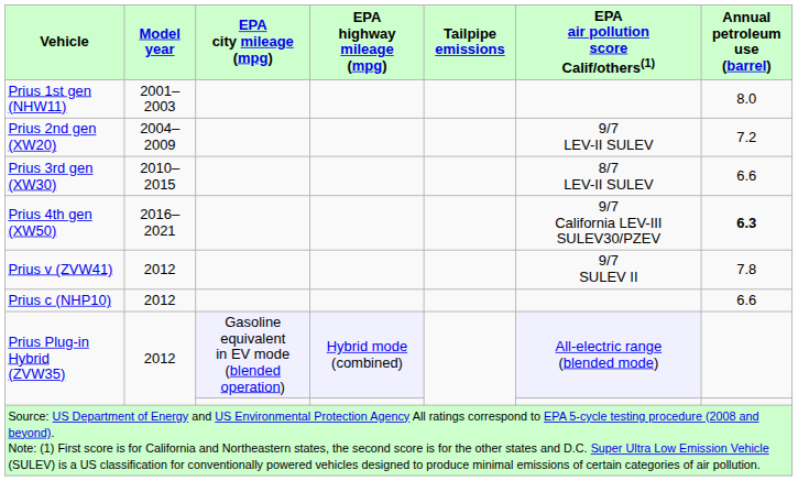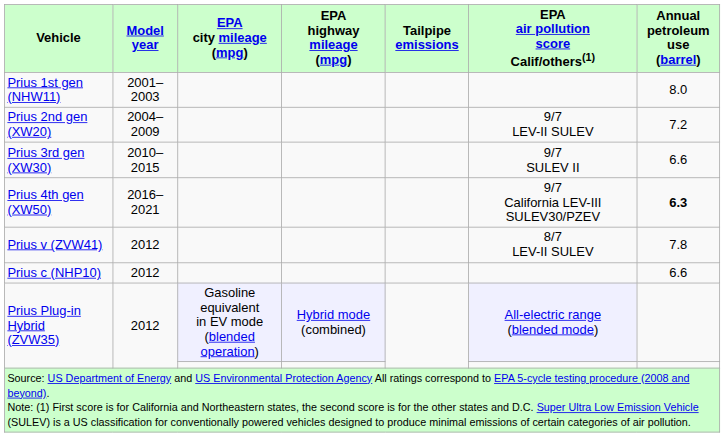 <table class="sortable wikitable" style="margin: 1em auto 1em auto">
 <tr style="text-align:center;">
 <th style="background:#cfc;">Vehicle</th>
 <th style="background:#cfc;"><a href='#'>Model<br>year</a></th>
 <th style="background:#cfc;"><a href='#'>EPA</a><br> city <a href='#'>mileage</a><br>(<a href='#'>mpg</a>)</th>
 <th style="background:#cfc;">EPA<br> highway <a href='#'>mileage</a><br>(<a href='#'>mpg</a>)</th>
 <th style="background:#cfc;">Tailpipe<br> <a href='#'>emissions</a></th>
 <th style="background:#cfc;">EPA<br><a href='#'>air pollution<br>score</a><br>Calif/others<sup>(1)</sup></th>
 <th style="background:#cfc;">Annual<br>petroleum<br> use<br>(<a href='#'>barrel</a>)</th>
 </tr>
 <tr style="text-align:center;">
 <td align=left><a href='#'>Prius 1st gen (NHW11)</a></td>
 <td>2001–2003</td>
 <td></td>
 <td></td>
 <td></td>
 <td></td>
 <td>8.0</td>
 </tr>
 <tr style="text-align:center;">
 <td align=left><a href='#'>Prius 2nd gen (XW20)</a></td>
 <td>2004–2009</td>
 <td></td>
 <td></td>
 <td></td>
 <td>9/7 <br>LEV-II SULEV</td>
 <td>7.2</td>
 </tr>
 <tr style="text-align:center;">
 <td align=left><a href='#'>Prius 3rd gen (XW30)</a></td>
 <td>2010–2015</td>
 <td></td>
 <td></td>
 <td></td>
-<td>8/7<br> LEV-II SULEV</td>
+<td>9/7<br>SULEV II</td>
 <td>6.6</td>
 </tr>
 <tr style="text-align:center;">
 <td align=left><a href='#'>Prius 4th gen (XW50)</a></td>
 <td>2016–2021</td>
 <td></td>
 <td></td>
 <td></td>
 <td>9/7<br>California LEV-III SULEV30/PZEV</td>
 <td><strong>6.3</strong></td>
 </tr>
 <tr style="text-align:center;">
 <td align=left><a href='#'>Prius v (ZVW41)</a></td>
 <td>2012</td>
 <td></td>
 <td></td>
 <td></td>
-<td>9/7<br>SULEV II</td>
+<td>8/7<br> LEV-II SULEV</td>
 <td>7.8</td>
 </tr>
 <tr style="text-align:center;">
 <td align=left><a href='#'>Prius c (NHP10)</a></td>
 <td>2012</td>
 <td></td>
 <td></td>
 <td></td>
 <td></td>
 <td>6.6</td>
 </tr>
 <tr style="text-align:center;">
 <td rowspan="2" style="text-align:left;"><a href='#'>Prius Plug-in Hybrid<br>(ZVW35)</a></td>
 <td rowspan="2">2012</td>
 <td style="background:#f0f0ff;">Gasoline equivalent<br>in EV mode<br> (<a href='#'>blended operation</a>)</td>
 <td style="background:#f0f0ff;"><a href='#'>Hybrid mode</a><br>(combined)</td>
 <td rowspan="2"></td>
 <td style="background:#f0f0ff;"><a href='#'>All-electric range</a><br>(<a href='#'>blended mode</a>)</td>
 <td></td>
 </tr>
 <tr style="text-align:center;">
 <td></td>
 <td></td>
 <td></td>
 <td></td>
 </tr>
 <tr>
 <td colspan="7" style="text-align:left; background:#cfc;"><small>Source: <a href='#'>US Department of Energy</a> and <a href='#'>US Environmental Protection Agency</a> All ratings correspond to <a href='#'>EPA 5-cycle testing procedure (2008 and beyond)</a>. <br>Note: (1) First score is for California and Northeastern states, the second score is for the other states and D.C. <a href='#'>Super Ultra Low Emission Vehicle</a> (SULEV) is a US classification for conventionally powered vehicles designed to produce minimal emissions of certain categories of air pollution.</small></td>
 </tr>
 </table>
